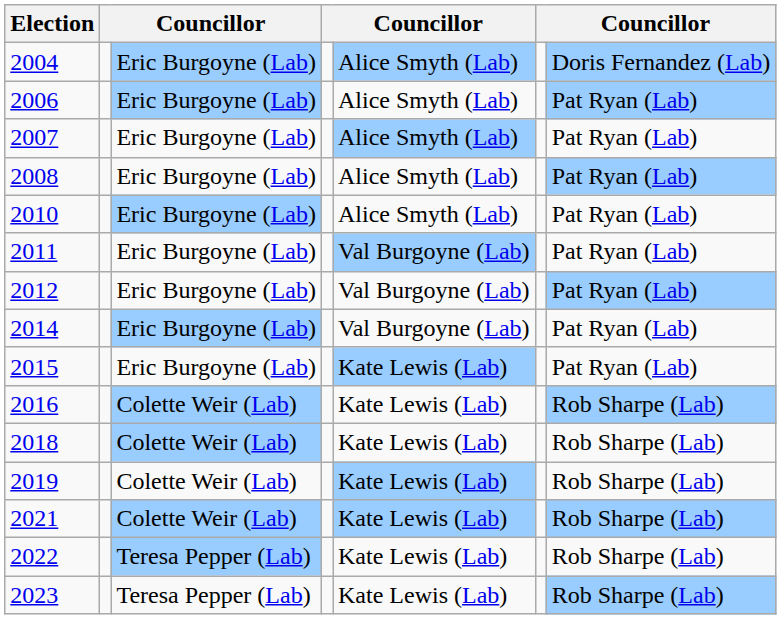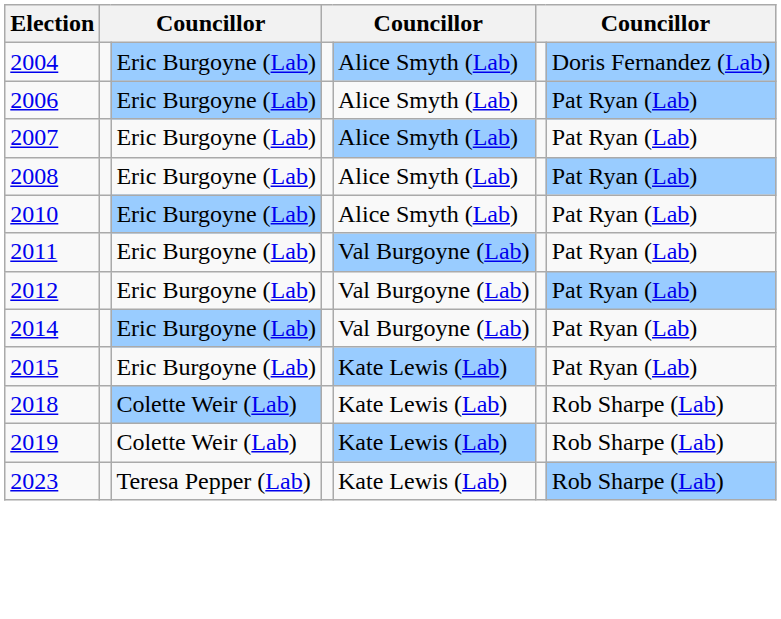 <table class="wikitable">
 <tr>
 <th>Election</th>
 <th colspan="2">Councillor</th>
 <th colspan="2">Councillor</th>
 <th colspan="2">Councillor</th>
 </tr>
 <tr>
 <td><a href='#'>2004</a></td>
 <td style="background-color: "></td>
 <td bgcolor="#99CCFF">Eric Burgoyne (<a href='#'>Lab</a>)</td>
 <td style="background-color: "></td>
 <td bgcolor="#99CCFF">Alice Smyth (<a href='#'>Lab</a>)</td>
 <td style="background-color: "></td>
 <td bgcolor="#99CCFF">Doris Fernandez (<a href='#'>Lab</a>)</td>
 </tr>
 <tr>
 <td><a href='#'>2006</a></td>
 <td style="background-color: "></td>
 <td bgcolor="#99CCFF">Eric Burgoyne (<a href='#'>Lab</a>)</td>
 <td style="background-color: "></td>
 <td>Alice Smyth (<a href='#'>Lab</a>)</td>
 <td style="background-color: "></td>
 <td bgcolor="#99CCFF">Pat Ryan (<a href='#'>Lab</a>)</td>
 </tr>
 <tr>
 <td><a href='#'>2007</a></td>
 <td style="background-color: "></td>
 <td>Eric Burgoyne (<a href='#'>Lab</a>)</td>
 <td style="background-color: "></td>
 <td bgcolor="#99CCFF">Alice Smyth (<a href='#'>Lab</a>)</td>
 <td style="background-color: "></td>
 <td>Pat Ryan (<a href='#'>Lab</a>)</td>
 </tr>
 <tr>
 <td><a href='#'>2008</a></td>
 <td style="background-color: "></td>
 <td>Eric Burgoyne (<a href='#'>Lab</a>)</td>
 <td style="background-color: "></td>
 <td>Alice Smyth (<a href='#'>Lab</a>)</td>
 <td style="background-color: "></td>
 <td bgcolor="#99CCFF">Pat Ryan (<a href='#'>Lab</a>)</td>
 </tr>
 <tr>
 <td><a href='#'>2010</a></td>
 <td style="background-color: "></td>
 <td bgcolor="#99CCFF">Eric Burgoyne (<a href='#'>Lab</a>)</td>
 <td style="background-color: "></td>
 <td>Alice Smyth (<a href='#'>Lab</a>)</td>
 <td style="background-color: "></td>
 <td>Pat Ryan (<a href='#'>Lab</a>)</td>
 </tr>
 <tr>
 <td><a href='#'>2011</a></td>
 <td style="background-color: "></td>
 <td>Eric Burgoyne (<a href='#'>Lab</a>)</td>
 <td style="background-color: "></td>
 <td bgcolor="#99CCFF">Val Burgoyne (<a href='#'>Lab</a>)</td>
 <td style="background-color: "></td>
 <td>Pat Ryan (<a href='#'>Lab</a>)</td>
 </tr>
 <tr>
 <td><a href='#'>2012</a></td>
 <td style="background-color: "></td>
 <td>Eric Burgoyne (<a href='#'>Lab</a>)</td>
 <td style="background-color: "></td>
 <td>Val Burgoyne (<a href='#'>Lab</a>)</td>
 <td style="background-color: "></td>
 <td bgcolor="#99CCFF">Pat Ryan (<a href='#'>Lab</a>)</td>
 </tr>
 <tr>
 <td><a href='#'>2014</a></td>
 <td style="background-color: "></td>
 <td bgcolor="#99CCFF">Eric Burgoyne (<a href='#'>Lab</a>)</td>
 <td style="background-color: "></td>
 <td>Val Burgoyne (<a href='#'>Lab</a>)</td>
 <td style="background-color: "></td>
 <td>Pat Ryan (<a href='#'>Lab</a>)</td>
 </tr>
 <tr>
 <td><a href='#'>2015</a></td>
 <td style="background-color: "></td>
 <td>Eric Burgoyne (<a href='#'>Lab</a>)</td>
 <td style="background-color: "></td>
 <td bgcolor="#99CCFF">Kate Lewis (<a href='#'>Lab</a>)</td>
 <td style="background-color: "></td>
 <td>Pat Ryan (<a href='#'>Lab</a>)</td>
 </tr>
 <tr>
-<td><a href='#'>2016</a></td>
-<td style="background-color: "></td>
-<td bgcolor="#99CCFF">Colette Weir (<a href='#'>Lab</a>)</td>
-<td style="background-color: "></td>
-<td>Kate Lewis (<a href='#'>Lab</a>)</td>
-<td style="background-color: "></td>
-<td bgcolor="#99CCFF">Rob Sharpe (<a href='#'>Lab</a>)</td>
-</tr>
-<tr>
 <td><a href='#'>2018</a></td>
 <td style="background-color: "></td>
 <td bgcolor="#99CCFF">Colette Weir (<a href='#'>Lab</a>)</td>
 <td style="background-color: "></td>
 <td>Kate Lewis (<a href='#'>Lab</a>)</td>
 <td style="background-color: "></td>
 <td>Rob Sharpe (<a href='#'>Lab</a>)</td>
 </tr>
 <tr>
 <td><a href='#'>2019</a></td>
 <td style="background-color: "></td>
 <td>Colette Weir (<a href='#'>Lab</a>)</td>
 <td style="background-color: "></td>
 <td bgcolor="#99CCFF">Kate Lewis (<a href='#'>Lab</a>)</td>
 <td style="background-color: "></td>
 <td>Rob Sharpe (<a href='#'>Lab</a>)</td>
 </tr>
 <tr>
-<td><a href='#'>2021</a></td>
-<td style="background-color: "></td>
-<td bgcolor="#99CCFF">Colette Weir (<a href='#'>Lab</a>)</td>
-<td style="background-color: "></td>
-<td bgcolor="#99CCFF">Kate Lewis (<a href='#'>Lab</a>)</td>
-<td style="background-color: "></td>
-<td bgcolor="#99CCFF">Rob Sharpe (<a href='#'>Lab</a>)</td>
-</tr>
-<tr>
-<td><a href='#'>2022</a></td>
-<td style="background-color: "></td>
-<td bgcolor="#99CCFF">Teresa Pepper (<a href='#'>Lab</a>)</td>
-<td style="background-color: "></td>
-<td>Kate Lewis (<a href='#'>Lab</a>)</td>
-<td style="background-color: "></td>
-<td>Rob Sharpe (<a href='#'>Lab</a>)</td>
-</tr>
-<tr>
 <td><a href='#'>2023</a></td>
 <td style="background-color: "></td>
 <td>Teresa Pepper (<a href='#'>Lab</a>)</td>
 <td style="background-color: "></td>
 <td>Kate Lewis (<a href='#'>Lab</a>)</td>
 <td style="background-color: "></td>
 <td bgcolor="#99CCFF">Rob Sharpe (<a href='#'>Lab</a>)</td>
 </tr>
 </table>
